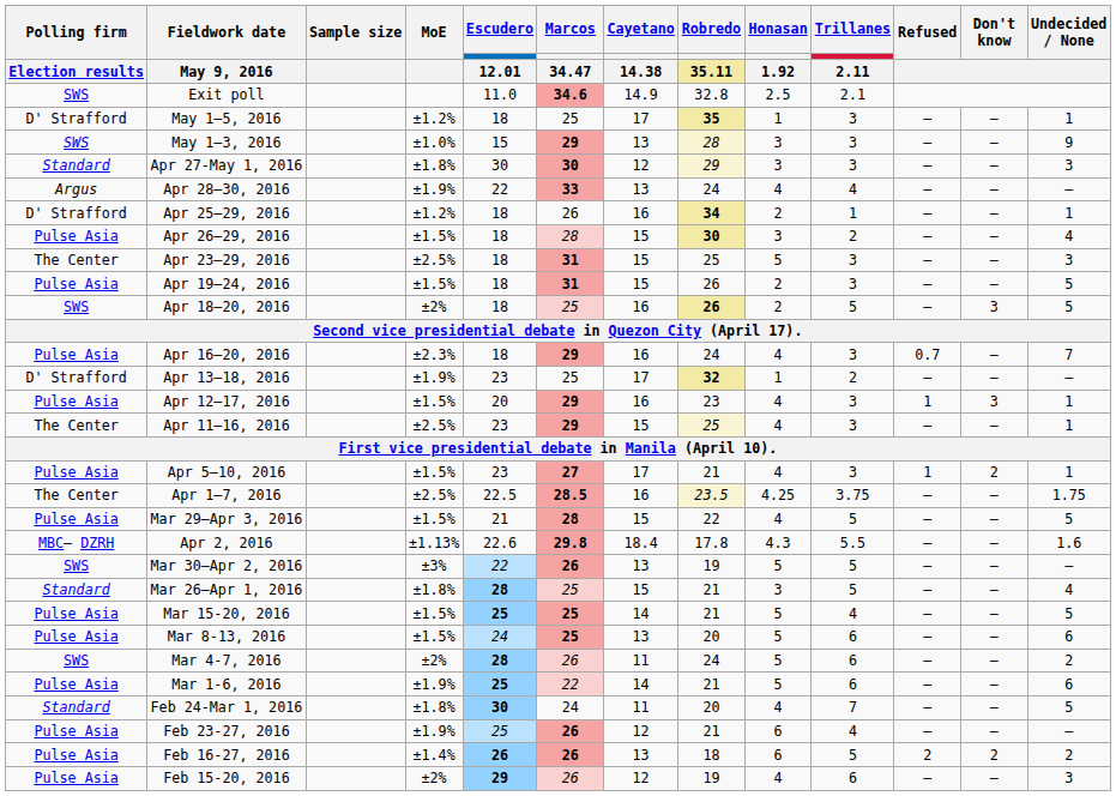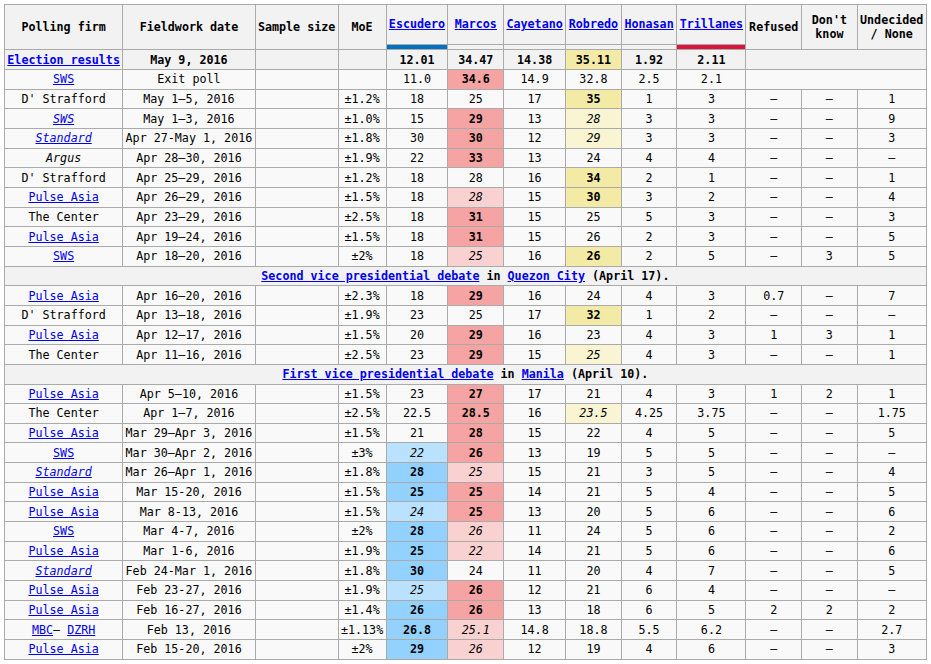 <table class="wikitable" style="text-align:center;font-size:90%;line-height:14px;">
 <tr style="height:40px;">
 <th rowspan="2">Polling firm</th>
 <th rowspan="2">Fieldwork date</th>
 <th rowspan="2">Sample size</th>
 <th rowspan="2"><abbr>MoE</abbr></th>
 <th style="width:50px;"><a href='#'>Escudero</a><br></th>
 <th style="width:50px;"><a href='#'>Marcos</a><br></th>
 <th style="width:50px;"><a href='#'>Cayetano</a><br></th>
 <th style="width:50px;"><a href='#'>Robredo</a><br></th>
 <th style="width:50px;"><a href='#'>Honasan</a><br></th>
 <th style="width:50px;"><a href='#'>Trillanes</a><br></th>
 <th rowspan="2" style="width:50px;">Refused</th>
 <th rowspan="2" style="width:50px;">Don't know</th>
 <th rowspan="2" style="width:50px;">Undecided / None</th>
 </tr>
 <tr>
 <th style="background:#0070C0;"></th>
 <th style="background:"></th>
 <th style="background:"></th>
 <th style="background:"></th>
 <th style="background:"></th>
 <th style="background:#DC143C;"></th>
 </tr>
 <tr>
 <th><a href='#'>Election results</a></th>
 <th>May 9, 2016</th>
 <th></th>
 <th></th>
 <th>12.01</th>
 <th>34.47</th>
 <th>14.38</th>
 <th style="background:#F3EBA5;">35.11</th>
 <th>1.92</th>
 <th>2.11</th>
 <th colspan="3"></th>
 </tr>
 <tr>
 <td><a href='#'>SWS</a></td>
 <td>Exit poll</td>
 <td></td>
 <td></td>
 <td>11.0</td>
 <td style="background:#F5A3A3;"><strong>34.6</strong></td>
 <td>14.9</td>
 <td>32.8</td>
 <td>2.5</td>
 <td>2.1</td>
 <td colspan="3"></td>
 </tr>
 <tr>
 <td>D' Strafford </td>
 <td>May 1–5, 2016</td>
 <td></td>
 <td>±1.2%</td>
 <td>18</td>
 <td>25</td>
 <td>17</td>
 <td style="background:#F3EBA5;"><strong>35</strong></td>
 <td>1</td>
 <td>3</td>
 <td>–</td>
 <td>–</td>
 <td>1</td>
 </tr>
 <tr>
 <td><em><a href='#'>SWS</a></em></td>
 <td>May 1–3, 2016</td>
 <td></td>
 <td>±1.0%</td>
 <td>15</td>
 <td style="background:#F5A3A3;"><strong>29</strong></td>
 <td>13</td>
 <td style="background:#F9F5D2;"><em>28</em></td>
 <td>3</td>
 <td>3</td>
 <td>–</td>
 <td>–</td>
 <td>9</td>
 </tr>
 <tr>
 <td><em><a href='#'>Standard</a></em> </td>
 <td>Apr 27-May 1, 2016</td>
 <td></td>
 <td>±1.8%</td>
 <td>30</td>
 <td style="background:#F5A3A3;"><strong>30</strong></td>
 <td>12</td>
 <td style="background:#F9F5D2;"><em>29</em></td>
 <td>3</td>
 <td>3</td>
 <td>–</td>
 <td>–</td>
 <td>3</td>
 </tr>
 <tr>
 <td><em>Argus</em> </td>
 <td>Apr 28–30, 2016</td>
 <td></td>
 <td>±1.9%</td>
 <td>22</td>
 <td style="background:#F5A3A3;"><strong>33</strong></td>
 <td>13</td>
 <td>24</td>
 <td>4</td>
 <td>4</td>
 <td>–</td>
 <td>–</td>
 <td>–</td>
 </tr>
 <tr>
 <td>D' Strafford </td>
 <td>Apr 25–29, 2016</td>
 <td></td>
 <td>±1.2%</td>
 <td>18</td>
-<td>26</td>
+<td>28</td>
 <td>16</td>
 <td style="background:#F3EBA5;"><strong>34</strong></td>
 <td>2</td>
 <td>1</td>
 <td>–</td>
 <td>–</td>
 <td>1</td>
 </tr>
 <tr>
 <td><a href='#'>Pulse Asia</a></td>
 <td>Apr 26–29, 2016</td>
 <td></td>
 <td>±1.5%</td>
 <td>18</td>
 <td style="background:#FAD1D1;"><em>28</em></td>
 <td>15</td>
 <td style="background:#F3EBA5;"><strong>30</strong></td>
 <td>3</td>
 <td>2</td>
 <td>–</td>
 <td>–</td>
 <td>4</td>
 </tr>
 <tr>
 <td>The Center </td>
 <td>Apr 23–29, 2016</td>
 <td></td>
 <td>±2.5%</td>
 <td>18</td>
 <td style="background:#F5A3A3;"><strong>31</strong></td>
 <td>15</td>
 <td>25</td>
 <td>5</td>
 <td>3</td>
 <td>–</td>
 <td>–</td>
 <td>3</td>
 </tr>
 <tr>
 <td><a href='#'>Pulse Asia</a></td>
 <td>Apr 19–24, 2016</td>
 <td></td>
 <td>±1.5%</td>
 <td>18</td>
 <td style="background:#F5A3A3;"><strong>31</strong></td>
 <td>15</td>
 <td>26</td>
 <td>2</td>
 <td>3</td>
 <td>–</td>
 <td>–</td>
 <td>5</td>
 </tr>
 <tr>
 <td><a href='#'>SWS</a></td>
 <td>Apr 18–20, 2016</td>
 <td></td>
 <td>±2%</td>
 <td>18</td>
 <td style="background:#FAD1D1;"><em>25</em></td>
 <td>16</td>
 <td style="background:#F3EBA5;"><strong>26</strong></td>
 <td>2</td>
 <td>5</td>
 <td>–</td>
 <td>3</td>
 <td>5</td>
 </tr>
 <tr>
 <th colspan="13"><a href='#'>Second vice presidential debate</a> in <a href='#'>Quezon City</a> (April 17).</th>
 </tr>
 <tr>
 <td><a href='#'>Pulse Asia</a></td>
 <td>Apr 16–20, 2016</td>
 <td></td>
 <td>±2.3%</td>
 <td>18</td>
 <td style="background:#F5A3A3;"><strong>29</strong></td>
 <td>16</td>
 <td>24</td>
 <td>4</td>
 <td>3</td>
 <td>0.7</td>
 <td>–</td>
 <td>7</td>
 </tr>
 <tr>
 <td>D' Strafford </td>
 <td>Apr 13–18, 2016</td>
 <td></td>
 <td>±1.9%</td>
 <td>23</td>
 <td>25</td>
 <td>17</td>
 <td style="background:#F3EBA5;"><strong>32</strong></td>
 <td>1</td>
 <td>2</td>
 <td>–</td>
 <td>–</td>
 <td>–</td>
 </tr>
 <tr>
 <td><a href='#'>Pulse Asia</a></td>
 <td>Apr 12–17, 2016</td>
 <td></td>
 <td>±1.5%</td>
 <td>20</td>
 <td style="background:#F5A3A3;"><strong>29</strong></td>
 <td>16</td>
 <td>23</td>
 <td>4</td>
 <td>3</td>
 <td>1</td>
 <td>3</td>
 <td>1</td>
 </tr>
 <tr>
 <td>The Center </td>
 <td>Apr 11–16, 2016</td>
 <td></td>
 <td>±2.5%</td>
 <td>23</td>
 <td style="background:#F5A3A3;"><strong>29</strong></td>
 <td>15</td>
 <td style="background:#F9F5D2;"><em>25</em></td>
 <td>4</td>
 <td>3</td>
 <td>–</td>
 <td>–</td>
 <td>1</td>
 </tr>
 <tr>
 <th colspan="13"><a href='#'>First vice presidential debate</a> in <a href='#'>Manila</a> (April 10).</th>
 </tr>
 <tr>
 <td><a href='#'>Pulse Asia</a></td>
 <td>Apr 5–10, 2016</td>
 <td></td>
 <td>±1.5%</td>
 <td>23</td>
 <td style="background:#F5A3A3;"><strong>27</strong></td>
 <td>17</td>
 <td>21</td>
 <td>4</td>
 <td>3</td>
 <td>1</td>
 <td>2</td>
 <td>1</td>
 </tr>
 <tr>
 <td>The Center </td>
 <td>Apr 1–7, 2016</td>
 <td></td>
 <td>±2.5%</td>
 <td>22.5</td>
 <td style="background:#F5A3A3;"><strong>28.5</strong></td>
 <td>16</td>
 <td style="background:#F9F5D2;"><em>23.5</em></td>
 <td>4.25</td>
 <td>3.75</td>
 <td>–</td>
 <td>–</td>
 <td>1.75</td>
 </tr>
 <tr>
 <td><a href='#'>Pulse Asia</a></td>
 <td>Mar 29–Apr 3, 2016</td>
 <td></td>
 <td>±1.5%</td>
 <td>21</td>
 <td style="background:#F5A3A3;"><strong>28</strong></td>
 <td>15</td>
 <td>22</td>
 <td>4</td>
 <td>5</td>
 <td>–</td>
 <td>–</td>
 <td>5</td>
 </tr>
 <tr>
-<td><a href='#'>MBC</a>– <a href='#'>DZRH</a></td>
-<td>Apr 2, 2016</td>
-<td></td>
-<td>±1.13%</td>
-<td>22.6</td>
-<td style="background:#F5A3A3;"><strong>29.8</strong></td>
-<td>18.4</td>
-<td>17.8</td>
-<td>4.3</td>
-<td>5.5</td>
-<td>–</td>
-<td>–</td>
-<td>1.6</td>
-</tr>
-<tr>
 <td><a href='#'>SWS</a></td>
 <td>Mar 30–Apr 2, 2016</td>
 <td></td>
 <td>±3%</td>
 <td style="background:#bae2ff;"><em>22</em></td>
 <td style="background:#F5A3A3;"><strong>26</strong></td>
 <td>13</td>
 <td>19</td>
 <td>5</td>
 <td>5</td>
 <td>–</td>
 <td>–</td>
 <td>–</td>
 </tr>
 <tr>
 <td><em><a href='#'>Standard</a></em> </td>
 <td>Mar 26–Apr 1, 2016</td>
 <td></td>
 <td>±1.8%</td>
 <td style="background:#93d2ff;"><strong>28</strong></td>
 <td style="background:#FAD1D1;"><em>25</em></td>
 <td>15</td>
 <td>21</td>
 <td>3</td>
 <td>5</td>
 <td>–</td>
 <td>–</td>
 <td>4</td>
 </tr>
 <tr>
 <td><a href='#'>Pulse Asia</a></td>
 <td>Mar 15-20, 2016</td>
 <td></td>
 <td>±1.5%</td>
 <td style="background:#93d2ff;"><strong>25</strong></td>
 <td style="background:#F5A3A3;"><strong>25</strong></td>
 <td>14</td>
 <td>21</td>
 <td>5</td>
 <td>4</td>
 <td>–</td>
 <td>–</td>
 <td>5</td>
 </tr>
 <tr>
 <td><a href='#'>Pulse Asia</a></td>
 <td>Mar 8-13, 2016</td>
 <td></td>
 <td>±1.5%</td>
 <td style="background:#bae2ff;"><em>24</em></td>
 <td style="background:#F5A3A3;"><strong>25</strong></td>
 <td>13</td>
 <td>20</td>
 <td>5</td>
 <td>6</td>
 <td>–</td>
 <td>–</td>
 <td>6</td>
 </tr>
 <tr>
 <td><a href='#'>SWS</a></td>
 <td>Mar 4-7, 2016</td>
 <td></td>
 <td>±2%</td>
 <td style="background:#93d2ff;"><strong>28</strong></td>
 <td style="background:#FAD1D1;"><em>26</em></td>
 <td>11</td>
 <td>24</td>
 <td>5</td>
 <td>6</td>
 <td>–</td>
 <td>–</td>
 <td>2</td>
 </tr>
 <tr>
 <td><a href='#'>Pulse Asia</a></td>
 <td>Mar 1-6, 2016</td>
 <td></td>
 <td>±1.9%</td>
 <td style="background:#93d2ff;"><strong>25</strong></td>
 <td style="background:#FAD1D1;"><em>22</em></td>
 <td>14</td>
 <td>21</td>
 <td>5</td>
 <td>6</td>
 <td>–</td>
 <td>–</td>
 <td>6</td>
 </tr>
 <tr>
 <td><em><a href='#'>Standard</a></em> </td>
 <td>Feb 24-Mar 1, 2016</td>
 <td></td>
 <td>±1.8%</td>
 <td style="background:#93d2ff;"><strong>30</strong></td>
 <td>24</td>
 <td>11</td>
 <td>20</td>
 <td>4</td>
 <td>7</td>
 <td>–</td>
 <td>–</td>
 <td>5</td>
 </tr>
 <tr>
 <td><a href='#'>Pulse Asia</a></td>
 <td>Feb 23-27, 2016</td>
 <td></td>
 <td>±1.9%</td>
 <td style="background:#bae2ff;"><em>25</em></td>
 <td style="background:#F5A3A3;"><strong>26</strong></td>
 <td>12</td>
 <td>21</td>
 <td>6</td>
 <td>4</td>
 <td>–</td>
 <td>–</td>
 <td>–</td>
 </tr>
 <tr>
 <td><a href='#'>Pulse Asia</a></td>
 <td>Feb 16-27, 2016</td>
 <td></td>
 <td>±1.4%</td>
 <td style="background:#93d2ff;"><strong>26</strong></td>
 <td style="background:#F5A3A3;"><strong>26</strong></td>
 <td>13</td>
 <td>18</td>
 <td>6</td>
 <td>5</td>
 <td>2</td>
 <td>2</td>
 <td>2</td>
 </tr>
 <tr>
+<td><a href='#'>MBC</a>– <a href='#'>DZRH</a></td>
+<td>Feb 13, 2016</td>
+<td></td>
+<td>±1.13%</td>
+<td style="background:#93d2ff;"><strong>26.8</strong></td>
+<td style="background:#FAD1D1;"><em>25.1</em></td>
+<td>14.8</td>
+<td>18.8</td>
+<td>5.5</td>
+<td>6.2</td>
+<td>–</td>
+<td>–</td>
+<td>2.7</td>
+</tr>
+<tr>
 <td><a href='#'>Pulse Asia</a></td>
 <td>Feb 15-20, 2016</td>
 <td></td>
 <td>±2%</td>
 <td style="background:#93d2ff;"><strong>29</strong></td>
 <td style="background:#FAD1D1;"><em>26</em></td>
 <td>12</td>
 <td>19</td>
 <td>4</td>
 <td>6</td>
 <td>–</td>
 <td>–</td>
 <td>3</td>
 </tr>
 </table>
